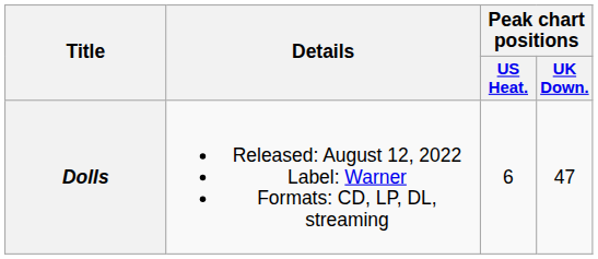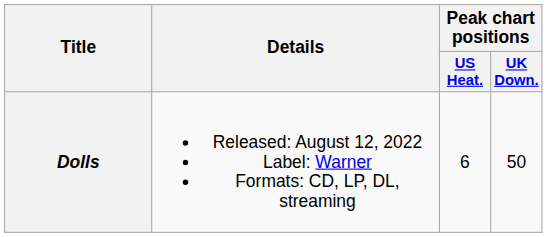 <table class="wikitable plainrowheaders" style="text-align:center">
 <tr>
 <th scope="col" rowspan="2" style="width:8em;">Title</th>
 <th scope="col" rowspan="2" style="width:16em;">Details</th>
 <th scope="col" colspan="2">Peak chart positions</th>
 </tr>
 <tr>
 <th scope="col" style="width:3em;font-size:85%;"><a href='#'>US<br>Heat.</a><br></th>
 <th scope="col" style="width:3em;font-size:85%;"><a href='#'>UK<br>Down.</a><br></th>
 </tr>
 <tr>
 <th scope="row"><em>Dolls</em></th>
 <td><br><ul><li>Released: August 12, 2022</li><li>Label: <a href='#'>Warner</a></li><li>Formats: CD, LP, DL, streaming</li></ul></td>
 <td>6</td>
-<td>47</td>
+<td>50</td>
 </tr>
 </table>
